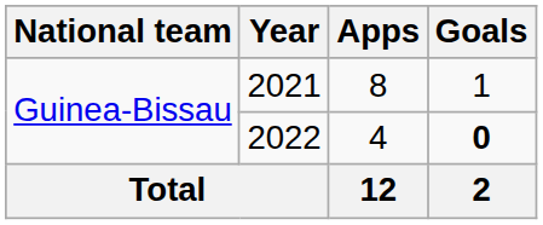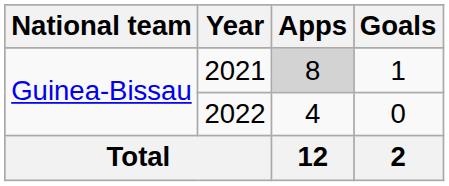 <table class="wikitable" style="text-align:center">
 <tr>
 <th>National team</th>
 <th>Year</th>
 <th>Apps</th>
 <th>Goals</th>
 </tr>
 <tr>
 <td rowspan="2"><a href='#'>Guinea-Bissau</a></td>
 <td>2021</td>
-<td>8</td>
+<td style="background: lightgrey;">8</td>
 <td>1</td>
 </tr>
 <tr>
 <td>2022</td>
 <td>4</td>
-<td><strong>0</strong></td>
+<td>0</td>
 </tr>
 <tr>
 <th colspan="2">Total</th>
 <th>12</th>
 <th>2</th>
 </tr>
 </table>
